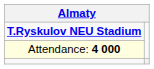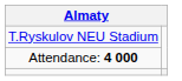 <table class="wikitable" style="text-align:center;">
 <tr>
 <th colspan="4" align="center"><a href='#'>Almaty</a></th>
 </tr>
 <tr>
-<td><strong><a href='#'>T.Ryskulov NEU Stadium</a></strong></td>
+<td><a href='#'>T.Ryskulov NEU Stadium</a></td>
 </tr>
 <tr>
-<td style="background: lightyellow;">Attendance: <strong>4 000</strong></td>
+<td>Attendance: <strong>4 000</strong></td>
 </tr>
 <tr>
 <td></td>
 <th rowspan=8 colspan=2><div></div></th>
 </tr>
 </table>
